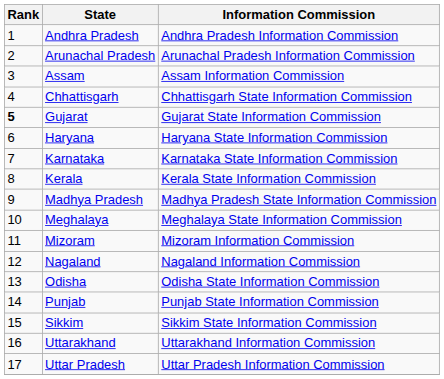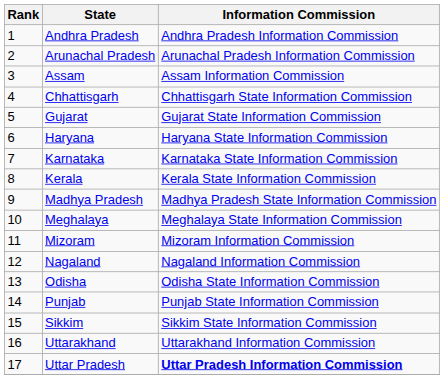 <table class="wikitable sortable">
 <tr>
 <th>Rank</th>
 <th>State</th>
 <th>Information Commission</th>
 </tr>
 <tr>
 <td>1</td>
 <td><a href='#'>Andhra Pradesh</a></td>
 <td><a href='#'>Andhra Pradesh Information Commission</a></td>
 </tr>
 <tr>
 <td>2</td>
 <td><a href='#'>Arunachal Pradesh</a></td>
 <td><a href='#'>Arunachal Pradesh Information Commission</a></td>
 </tr>
 <tr>
 <td>3</td>
 <td><a href='#'>Assam</a></td>
 <td><a href='#'>Assam Information Commission</a></td>
 </tr>
 <tr>
 <td>4</td>
 <td><a href='#'>Chhattisgarh</a></td>
 <td><a href='#'>Chhattisgarh State Information Commission</a></td>
 </tr>
 <tr>
-<td><strong>5</strong></td>
+<td>5</td>
 <td><a href='#'>Gujarat</a></td>
 <td><a href='#'>Gujarat State Information Commission</a></td>
 </tr>
 <tr>
 <td>6</td>
 <td><a href='#'>Haryana</a></td>
 <td><a href='#'>Haryana State Information Commission</a></td>
 </tr>
 <tr>
 <td>7</td>
 <td><a href='#'>Karnataka</a></td>
 <td><a href='#'>Karnataka State Information Commission</a></td>
 </tr>
 <tr>
 <td>8</td>
 <td><a href='#'>Kerala</a></td>
 <td><a href='#'>Kerala State Information Commission</a></td>
 </tr>
 <tr>
 <td>9</td>
 <td><a href='#'>Madhya Pradesh</a></td>
 <td><a href='#'>Madhya Pradesh State Information Commission</a></td>
 </tr>
 <tr>
 <td>10</td>
 <td><a href='#'>Meghalaya</a></td>
 <td><a href='#'>Meghalaya State Information Commission</a></td>
 </tr>
 <tr>
 <td>11</td>
 <td><a href='#'>Mizoram</a></td>
 <td><a href='#'>Mizoram Information Commission</a></td>
 </tr>
 <tr>
 <td>12</td>
 <td><a href='#'>Nagaland</a></td>
 <td><a href='#'>Nagaland Information Commission</a></td>
 </tr>
 <tr>
 <td>13</td>
 <td><a href='#'>Odisha</a></td>
 <td><a href='#'>Odisha State Information Commission</a></td>
 </tr>
 <tr>
 <td>14</td>
 <td><a href='#'>Punjab</a></td>
 <td><a href='#'>Punjab State Information Commission</a></td>
 </tr>
 <tr>
 <td>15</td>
 <td><a href='#'>Sikkim</a></td>
 <td><a href='#'>Sikkim State Information Commission</a></td>
 </tr>
 <tr>
 <td>16</td>
 <td><a href='#'>Uttarakhand</a></td>
 <td><a href='#'>Uttarakhand Information Commission</a></td>
 </tr>
 <tr>
 <td>17</td>
 <td><a href='#'>Uttar Pradesh</a></td>
-<td><a href='#'>Uttar Pradesh Information Commission</a></td>
+<td><strong><a href='#'>Uttar Pradesh Information Commission</a></strong></td>
 </tr>
 <tr>
 </tr>
 </table>
